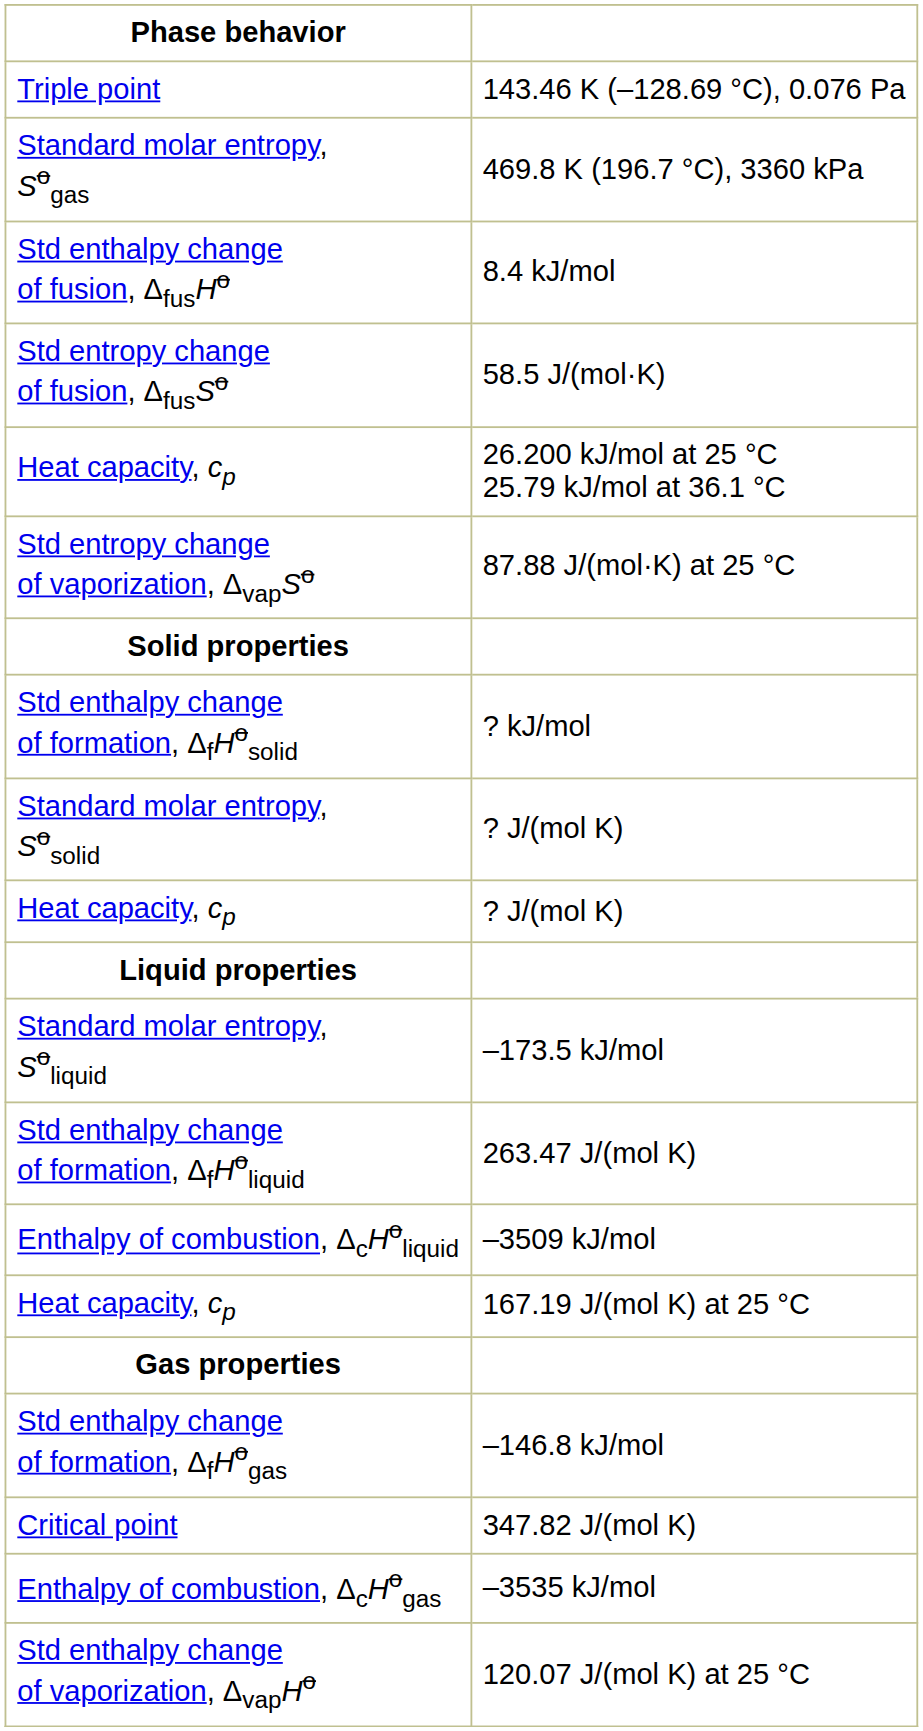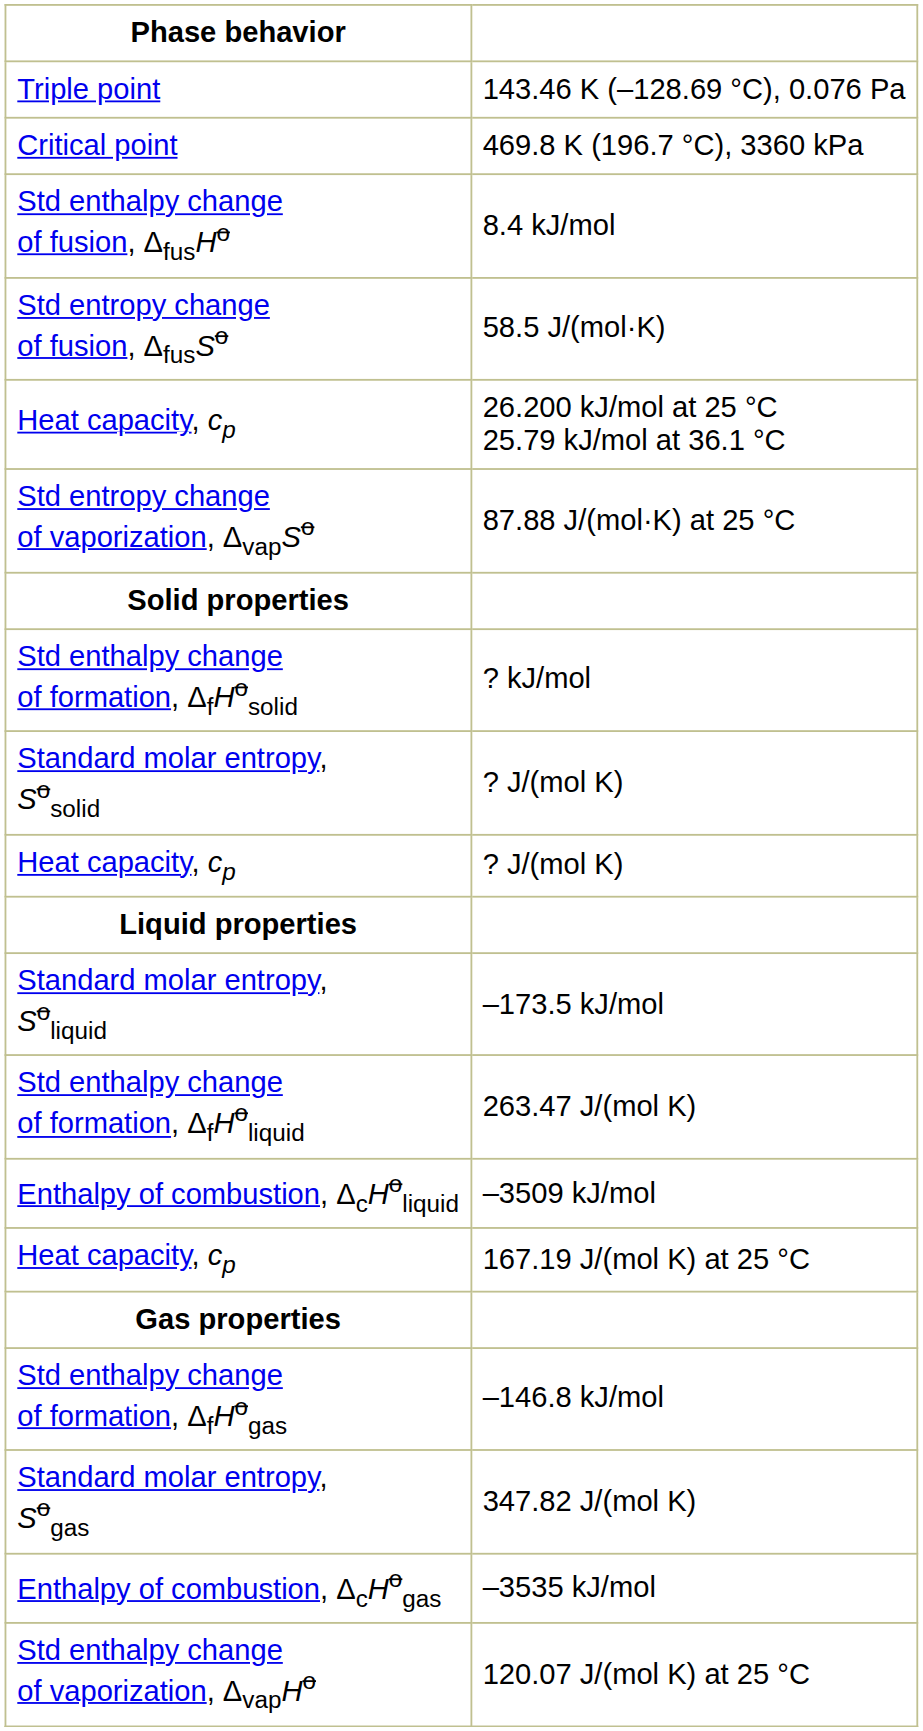 <table border="1" cellspacing="0" cellpadding="6" style="margin: 0 0 0 0.5em; background: #FFFFFF; border-collapse: collapse; border-color: #C0C090;">
 <tr>
 <th>Phase behavior</th>
 </tr>
 <tr>
 <td><a href='#'>Triple point</a></td>
 <td>143.46 K (–128.69 °C), 0.076 Pa</td>
 </tr>
 <tr>
-<td><a href='#'>Standard molar entropy</a>,<br><em>S</em><sup><s>o</s></sup><sub>gas</sub></td>
+<td><a href='#'>Critical point</a></td>
 <td>469.8 K (196.7 °C), 3360 kPa</td>
 </tr>
 <tr>
 <td><a href='#'>Std enthalpy change<br>of fusion</a>, Δ<sub>fus</sub><em>H</em><sup><s>o</s></sup></td>
 <td>8.4 kJ/mol</td>
 </tr>
 <tr>
 <td><a href='#'>Std entropy change<br>of fusion</a>, Δ<sub>fus</sub><em>S</em><sup><s>o</s></sup></td>
 <td>58.5 J/(mol·K)</td>
 </tr>
 <tr>
 <td><a href='#'>Heat capacity</a>, <em>c<sub>p</sub></em></td>
 <td>26.200 kJ/mol at 25 °C<br>25.79 kJ/mol at 36.1 °C</td>
 </tr>
 <tr>
 <td><a href='#'>Std entropy change<br>of vaporization</a>, Δ<sub>vap</sub><em>S</em><sup><s>o</s></sup></td>
 <td>87.88 J/(mol·K) at 25 °C</td>
 </tr>
 <tr>
 <th>Solid properties</th>
 </tr>
 <tr>
 <td><a href='#'>Std enthalpy change<br>of formation</a>, Δ<sub>f</sub><em>H</em><sup><s>o</s></sup><sub>solid</sub></td>
 <td>? kJ/mol</td>
 </tr>
 <tr>
 <td><a href='#'>Standard molar entropy</a>,<br><em>S</em><sup><s>o</s></sup><sub>solid</sub></td>
 <td>? J/(mol K)</td>
 </tr>
 <tr>
 <td><a href='#'>Heat capacity</a>, <em>c<sub>p</sub></em></td>
 <td>? J/(mol K)</td>
 </tr>
 <tr>
 <th>Liquid properties</th>
 </tr>
 <tr>
 <td><a href='#'>Standard molar entropy</a>,<br><em>S</em><sup><s>o</s></sup><sub>liquid</sub></td>
 <td>–173.5 kJ/mol</td>
 </tr>
 <tr>
 <td><a href='#'>Std enthalpy change<br>of formation</a>, Δ<sub>f</sub><em>H</em><sup><s>o</s></sup><sub>liquid</sub></td>
 <td>263.47 J/(mol K)</td>
 </tr>
 <tr>
 <td><a href='#'>Enthalpy of combustion</a>, Δ<sub>c</sub><em>H</em><sup><s>o</s></sup><sub>liquid</sub></td>
 <td>–3509 kJ/mol</td>
 </tr>
 <tr>
 <td><a href='#'>Heat capacity</a>, <em>c<sub>p</sub></em></td>
 <td>167.19 J/(mol K) at 25 °C</td>
 </tr>
 <tr>
 <th>Gas properties</th>
 </tr>
 <tr>
 <td><a href='#'>Std enthalpy change<br>of formation</a>, Δ<sub>f</sub><em>H</em><sup><s>o</s></sup><sub>gas</sub></td>
 <td>–146.8 kJ/mol</td>
 </tr>
 <tr>
-<td><a href='#'>Critical point</a></td>
+<td><a href='#'>Standard molar entropy</a>,<br><em>S</em><sup><s>o</s></sup><sub>gas</sub></td>
 <td>347.82 J/(mol K)</td>
 </tr>
 <tr>
 <td><a href='#'>Enthalpy of combustion</a>, Δ<sub>c</sub><em>H</em><sup><s>o</s></sup><sub>gas</sub></td>
 <td>–3535 kJ/mol</td>
 </tr>
 <tr>
 <td><a href='#'>Std enthalpy change<br>of vaporization</a>, Δ<sub>vap</sub><em>H</em><sup><s>o</s></sup></td>
 <td>120.07 J/(mol K) at 25 °C</td>
 </tr>
 <tr>
 </tr>
 </table>
